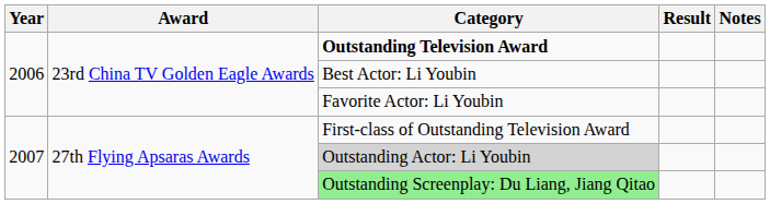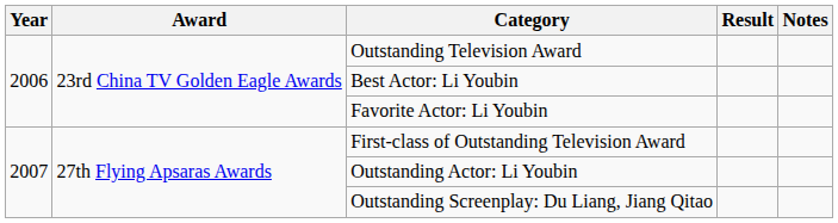 <table class="wikitable">
 <tr>
 <th>Year</th>
 <th>Award</th>
 <th>Category</th>
 <th>Result</th>
 <th>Notes</th>
 </tr>
 <tr>
 <td rowspan="3">2006</td>
 <td rowspan="3">23rd <a href='#'>China TV Golden Eagle Awards</a></td>
-<td><strong>Outstanding Television Award</strong></td>
+<td>Outstanding Television Award</td>
 <td></td>
 <td></td>
 </tr>
 <tr>
 <td>Best Actor: Li Youbin</td>
 <td></td>
 <td></td>
 </tr>
 <tr>
 <td>Favorite Actor: Li Youbin</td>
 <td></td>
 <td></td>
 </tr>
 <tr>
 <td rowspan="3">2007</td>
 <td rowspan="3">27th <a href='#'>Flying Apsaras Awards</a></td>
 <td>First-class of Outstanding Television Award</td>
 <td></td>
 <td></td>
 </tr>
 <tr>
-<td style="background: lightgrey;">Outstanding Actor: Li Youbin</td>
+<td>Outstanding Actor: Li Youbin</td>
 <td></td>
 <td></td>
 </tr>
 <tr>
-<td style="background: lightgreen;">Outstanding Screenplay: Du Liang, Jiang Qitao</td>
+<td>Outstanding Screenplay: Du Liang, Jiang Qitao</td>
 <td></td>
 <td></td>
 </tr>
 </table>
